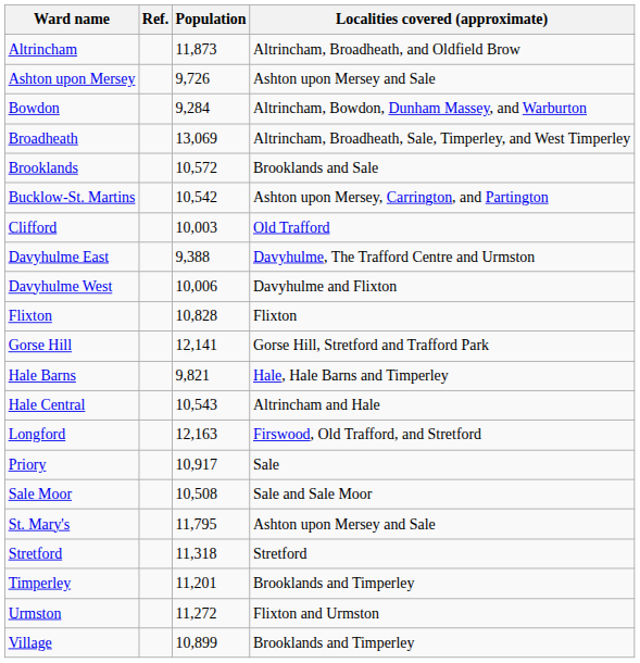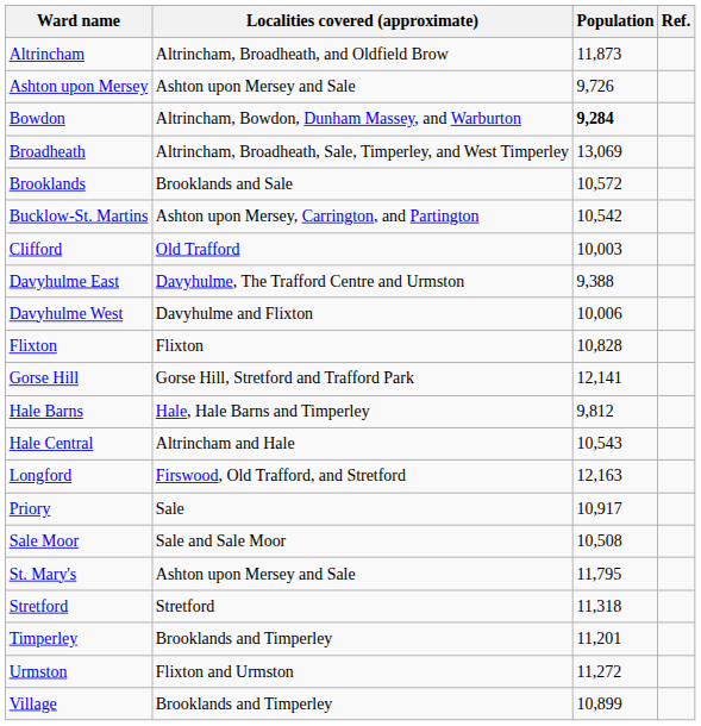 <table class="wikitable sortable" style="f border:0; text-align:left; line-height:150%;">
 <tr>
 <th>Ward name</th>
+<th class="unsortable">Localities covered (approximate)</th>
+<th>Population</th>
 <th class="unsortable">Ref.</th>
-<th>Population</th>
-<th class="unsortable">Localities covered (approximate)</th>
 </tr>
 <tr>
 <td><a href='#'>Altrincham</a></td>
+<td>Altrincham, Broadheath, and Oldfield Brow</td>
+<td>11,873</td>
 <td></td>
-<td>11,873</td>
-<td>Altrincham, Broadheath, and Oldfield Brow</td>
 </tr>
 <tr>
 <td><a href='#'>Ashton upon Mersey</a></td>
+<td>Ashton upon Mersey and Sale</td>
+<td>9,726</td>
 <td></td>
-<td>9,726</td>
-<td>Ashton upon Mersey and Sale</td>
 </tr>
 <tr>
 <td><a href='#'>Bowdon</a></td>
+<td>Altrincham, Bowdon, <a href='#'>Dunham Massey</a>, and <a href='#'>Warburton</a></td>
+<td><strong>9,284</strong></td>
 <td></td>
-<td>9,284</td>
-<td>Altrincham, Bowdon, <a href='#'>Dunham Massey</a>, and <a href='#'>Warburton</a></td>
 </tr>
 <tr>
 <td><a href='#'>Broadheath</a></td>
+<td>Altrincham, Broadheath, Sale, Timperley, and West Timperley</td>
+<td>13,069</td>
 <td></td>
-<td>13,069</td>
-<td>Altrincham, Broadheath, Sale, Timperley, and West Timperley</td>
 </tr>
 <tr>
 <td><a href='#'>Brooklands</a></td>
+<td>Brooklands and Sale</td>
+<td>10,572</td>
 <td></td>
-<td>10,572</td>
-<td>Brooklands and Sale</td>
 </tr>
 <tr>
 <td><a href='#'>Bucklow-St. Martins</a></td>
+<td>Ashton upon Mersey, <a href='#'>Carrington</a>, and <a href='#'>Partington</a></td>
+<td>10,542</td>
 <td></td>
-<td>10,542</td>
-<td>Ashton upon Mersey, <a href='#'>Carrington</a>, and <a href='#'>Partington</a></td>
 </tr>
 <tr>
 <td><a href='#'>Clifford</a></td>
+<td><a href='#'>Old Trafford</a></td>
+<td>10,003</td>
 <td></td>
-<td>10,003</td>
-<td><a href='#'>Old Trafford</a></td>
 </tr>
 <tr>
 <td><a href='#'>Davyhulme East</a></td>
+<td><a href='#'>Davyhulme</a>, The Trafford Centre and Urmston</td>
+<td>9,388</td>
 <td></td>
-<td>9,388</td>
-<td><a href='#'>Davyhulme</a>, The Trafford Centre and Urmston</td>
 </tr>
 <tr>
 <td><a href='#'>Davyhulme West</a></td>
+<td>Davyhulme and Flixton</td>
+<td>10,006</td>
 <td></td>
-<td>10,006</td>
-<td>Davyhulme and Flixton</td>
 </tr>
 <tr>
 <td><a href='#'>Flixton</a></td>
+<td>Flixton</td>
+<td>10,828</td>
 <td></td>
-<td>10,828</td>
-<td>Flixton</td>
 </tr>
 <tr>
 <td><a href='#'>Gorse Hill</a></td>
+<td>Gorse Hill, Stretford and Trafford Park</td>
+<td>12,141</td>
 <td></td>
-<td>12,141</td>
-<td>Gorse Hill, Stretford and Trafford Park</td>
 </tr>
 <tr>
 <td><a href='#'>Hale Barns</a></td>
+<td><a href='#'>Hale</a>, Hale Barns and Timperley</td>
+<td>9,812</td>
 <td></td>
-<td>9,821</td>
-<td><a href='#'>Hale</a>, Hale Barns and Timperley</td>
 </tr>
 <tr>
 <td><a href='#'>Hale Central</a></td>
+<td>Altrincham and Hale</td>
+<td>10,543</td>
 <td></td>
-<td>10,543</td>
-<td>Altrincham and Hale</td>
 </tr>
 <tr>
 <td><a href='#'>Longford</a></td>
+<td><a href='#'>Firswood</a>, Old Trafford, and Stretford</td>
+<td>12,163</td>
 <td></td>
-<td>12,163</td>
-<td><a href='#'>Firswood</a>, Old Trafford, and Stretford</td>
 </tr>
 <tr>
 <td><a href='#'>Priory</a></td>
+<td>Sale</td>
+<td>10,917</td>
 <td></td>
-<td>10,917</td>
-<td>Sale</td>
 </tr>
 <tr>
 <td><a href='#'>Sale Moor</a></td>
+<td>Sale and Sale Moor</td>
+<td>10,508</td>
 <td></td>
-<td>10,508</td>
-<td>Sale and Sale Moor</td>
 </tr>
 <tr>
 <td><a href='#'>St. Mary's</a></td>
+<td>Ashton upon Mersey and Sale</td>
+<td>11,795</td>
 <td></td>
-<td>11,795</td>
-<td>Ashton upon Mersey and Sale</td>
 </tr>
 <tr>
 <td><a href='#'>Stretford</a></td>
+<td>Stretford</td>
+<td>11,318</td>
 <td></td>
-<td>11,318</td>
-<td>Stretford</td>
 </tr>
 <tr>
 <td><a href='#'>Timperley</a></td>
+<td>Brooklands and Timperley</td>
+<td>11,201</td>
 <td></td>
-<td>11,201</td>
-<td>Brooklands and Timperley</td>
 </tr>
 <tr>
 <td><a href='#'>Urmston</a></td>
+<td>Flixton and Urmston</td>
+<td>11,272</td>
 <td></td>
-<td>11,272</td>
-<td>Flixton and Urmston</td>
 </tr>
 <tr>
 <td><a href='#'>Village</a></td>
+<td>Brooklands and Timperley</td>
+<td>10,899</td>
 <td></td>
-<td>10,899</td>
-<td>Brooklands and Timperley</td>
 </tr>
 </table>
